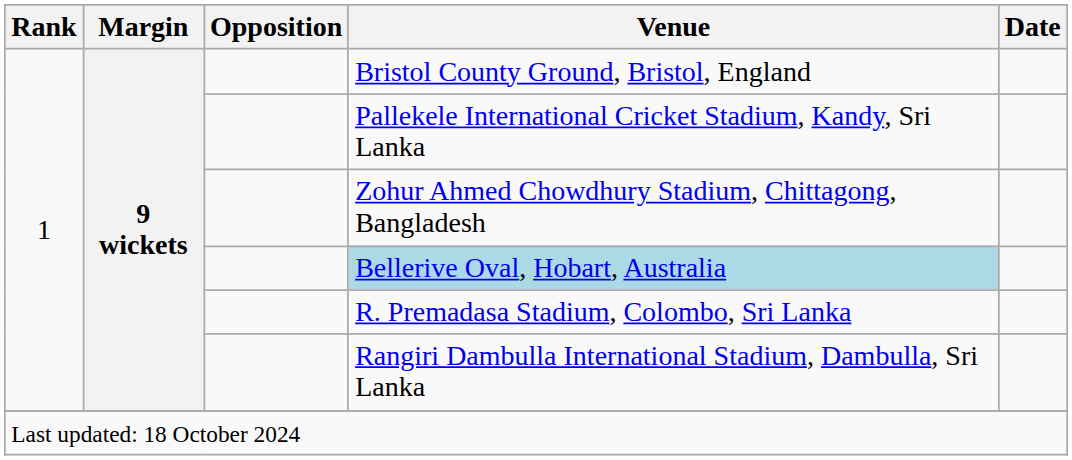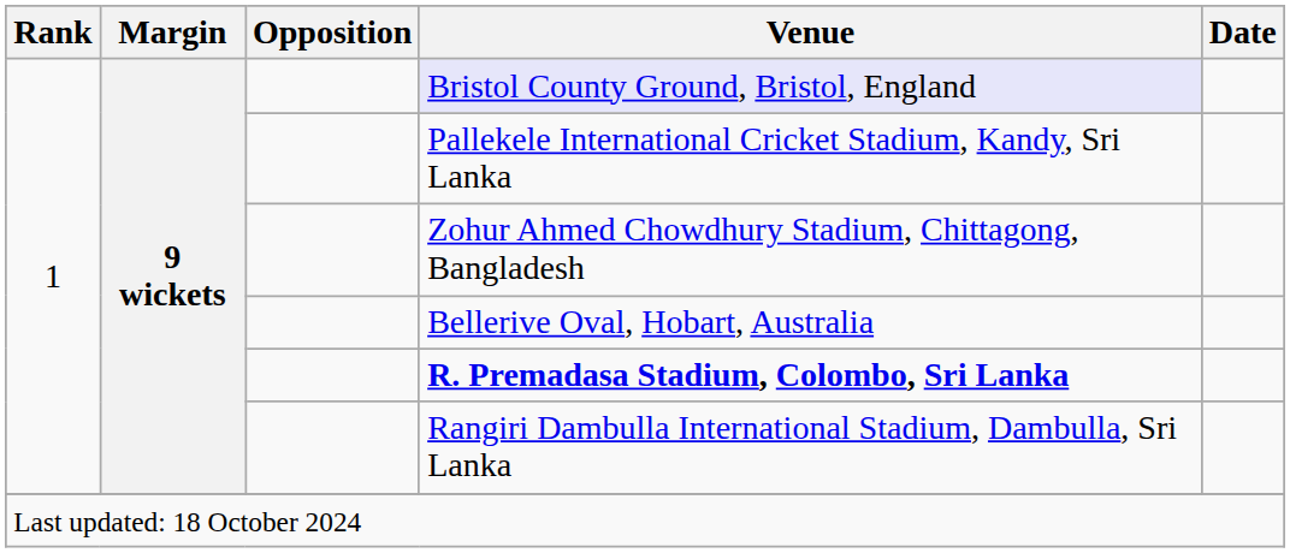 <table class="wikitable plainrowheaders sortable">
 <tr>
 <th scope=col>Rank</th>
 <th scope=col>Margin</th>
 <th scope=col>Opposition</th>
 <th scope=col>Venue</th>
 <th scope=col>Date</th>
 </tr>
 <tr>
 <td rowspan="6" align="center">1</td>
 <th rowspan="6" scope="row" style="text-align:center">9 wickets</th>
 <td></td>
-<td><a href='#'>Bristol County Ground</a>, <a href='#'>Bristol</a>, England</td>
+<td style="background: lavender;"><a href='#'>Bristol County Ground</a>, <a href='#'>Bristol</a>, England</td>
 <td></td>
 </tr>
 <tr>
 <td></td>
 <td><a href='#'>Pallekele International Cricket Stadium</a>, <a href='#'>Kandy</a>, Sri Lanka</td>
 <td> </td>
 </tr>
 <tr>
 <td></td>
 <td><a href='#'>Zohur Ahmed Chowdhury Stadium</a>, <a href='#'>Chittagong</a>, Bangladesh</td>
 <td> </td>
 </tr>
 <tr>
 <td></td>
-<td style="background: lightblue;"><a href='#'>Bellerive Oval</a>, <a href='#'>Hobart</a>, <a href='#'>Australia</a></td>
+<td><a href='#'>Bellerive Oval</a>, <a href='#'>Hobart</a>, <a href='#'>Australia</a></td>
 <td> </td>
 </tr>
 <tr>
 <td></td>
-<td><a href='#'>R. Premadasa Stadium</a>, <a href='#'>Colombo</a>, <a href='#'>Sri Lanka</a></td>
+<td><strong><a href='#'>R. Premadasa Stadium</a>, <a href='#'>Colombo</a>, <a href='#'>Sri Lanka</a></strong></td>
 <td></td>
 </tr>
 <tr>
 <td></td>
 <td><a href='#'>Rangiri Dambulla International Stadium</a>, <a href='#'>Dambulla</a>, Sri Lanka</td>
 <td></td>
 </tr>
 <tr>
 </tr>
 <tr class=sortbottom>
 <td colspan=5><small>Last updated: 18 October 2024</small></td>
 </tr>
 </table>
